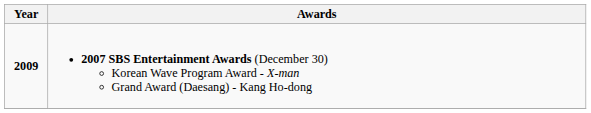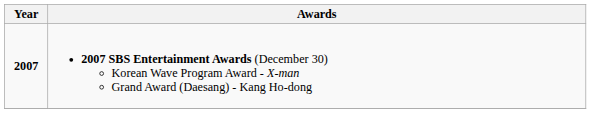 <table class="wikitable">
 <tr>
 <th align="left" width="50px">Year</th>
 <th align="left" width="700px">Awards</th>
 </tr>
 <tr>
-<td align="center"><strong>2009</strong></td>
+<td align="center"><strong>2007</strong></td>
 <td align="left"><br><ul><li><strong>2007 SBS Entertainment Awards</strong> (December 30)<ul><li>Korean Wave Program Award - <em>X-man</em></li><li>Grand Award (Daesang) - Kang Ho-dong</li></ul></li></ul></td>
 </tr>
 <tr>
 </tr>
 </table>
